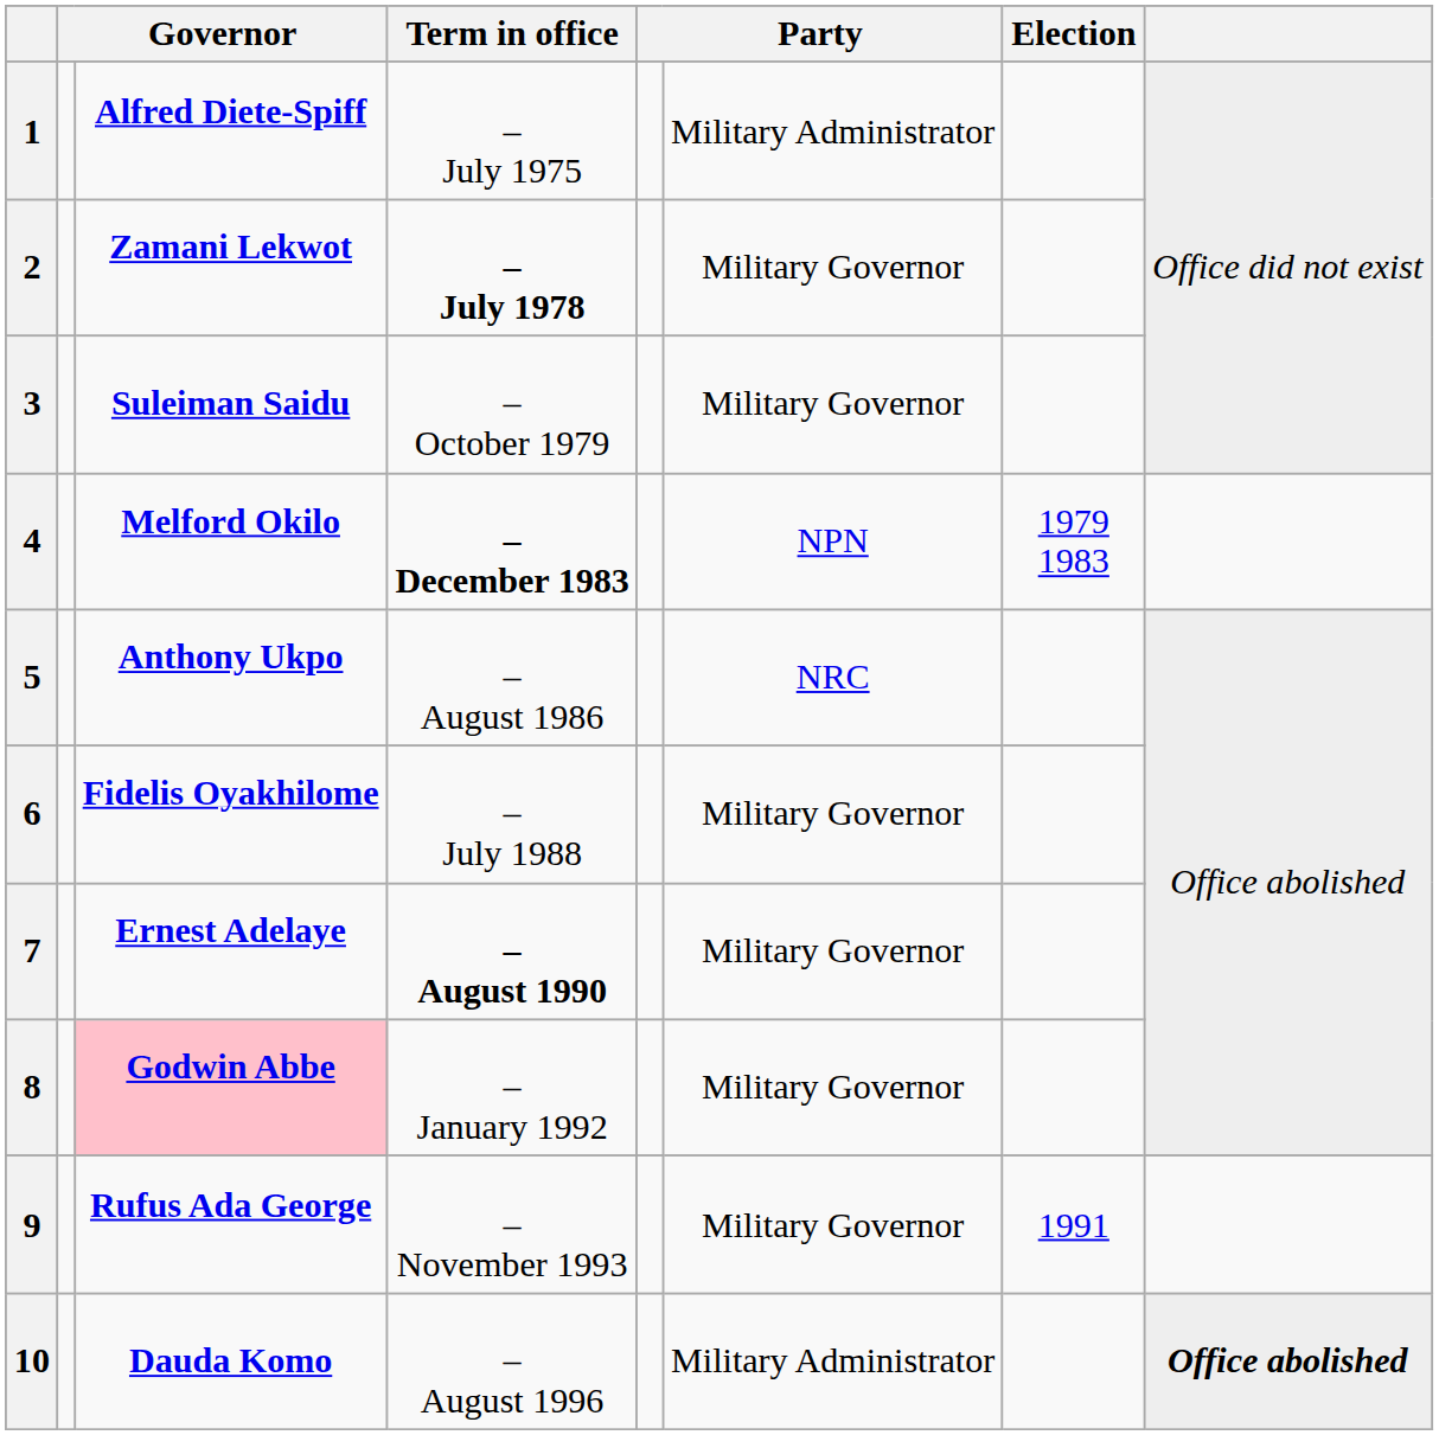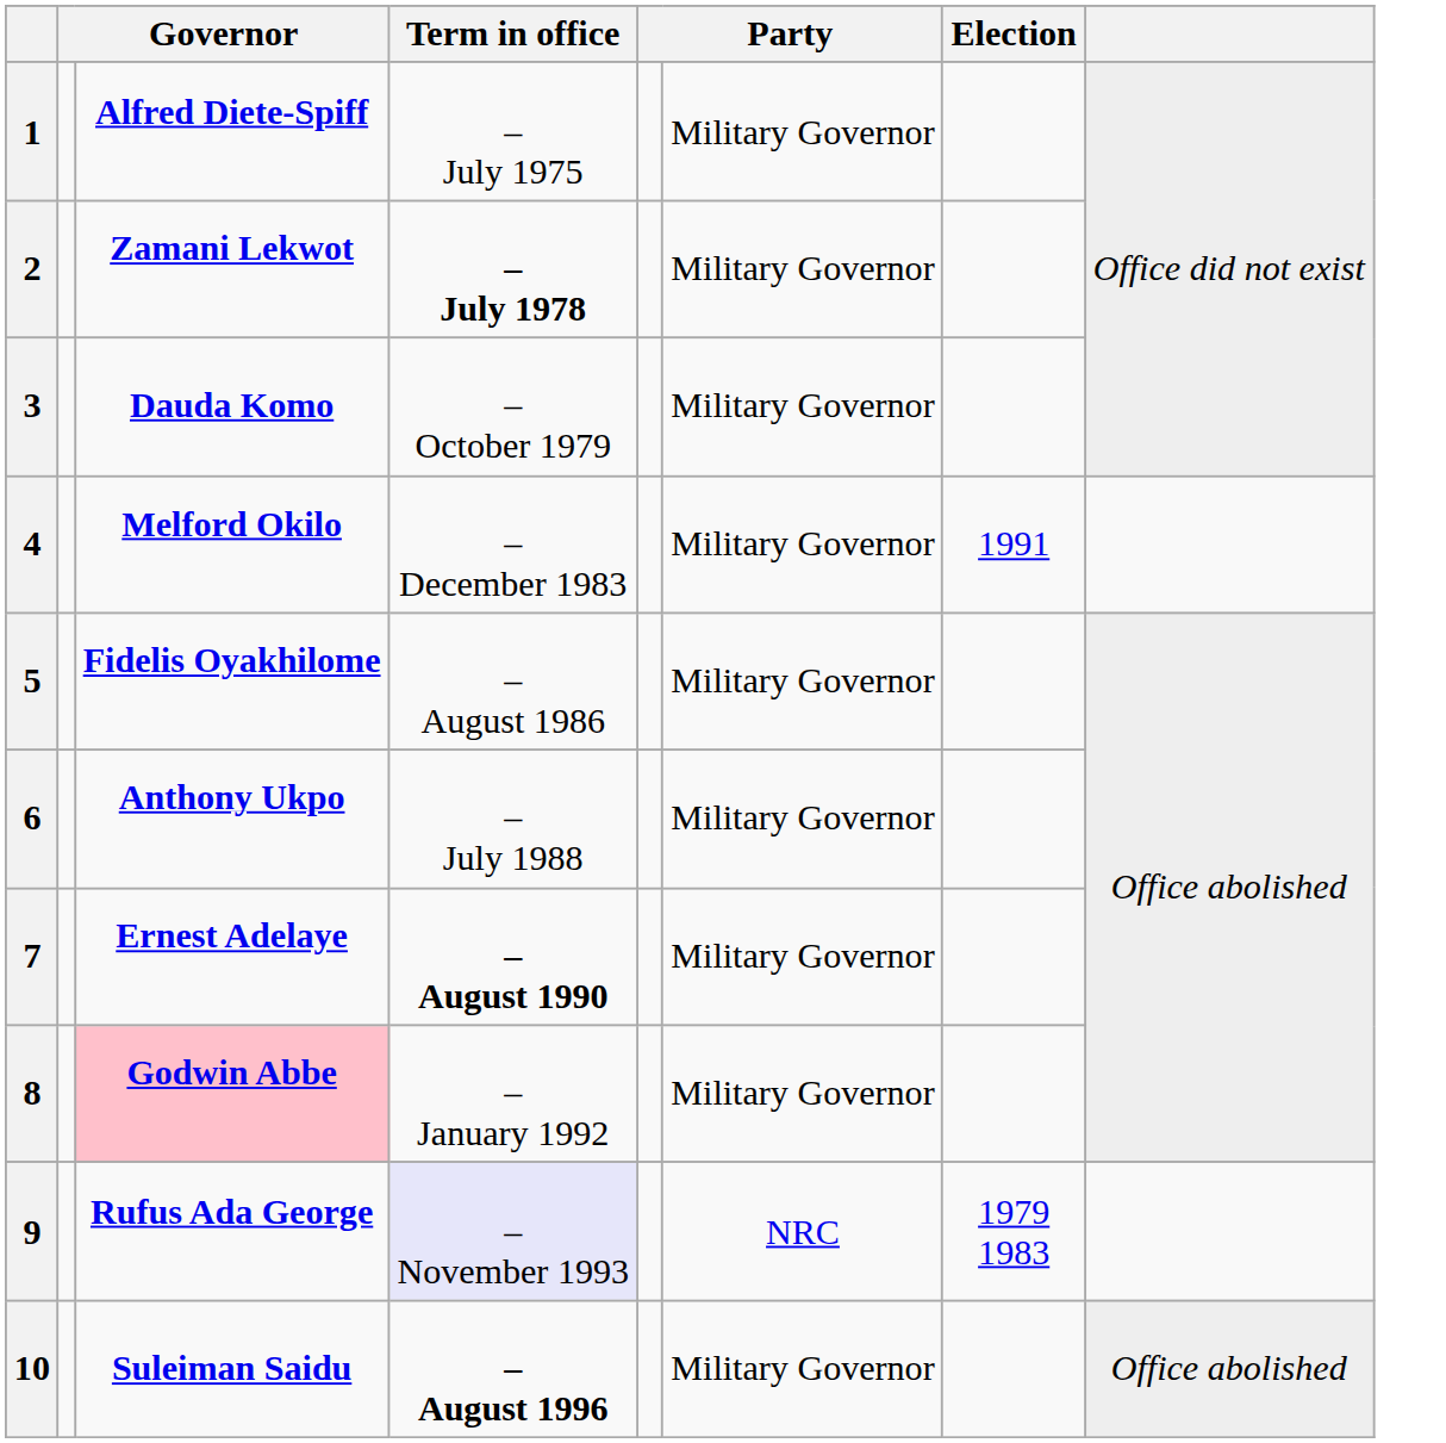 <table class="wikitable sortable" style="text-align:center;">
 <tr>
 <th scope="col" data-sort-type="number"></th>
 <th scope="colgroup" colspan="2">Governor</th>
 <th scope="col" class="unsortable">Term in office</th>
 <th scope="colgroup" colspan="2" class="unsortable">Party</th>
 <th scope="col" class="unsortable">Election</th>
 <th scope="col"></th>
 </tr>
 <tr>
 <th scope="row">1</th>
 <td data-sort-value="Diete-Spiff, Alfred"></td>
 <td><strong><a href='#'>Alfred Diete-Spiff</a></strong><br><br></td>
 <td><br>–<br>July 1975<br></td>
 <td></td>
-<td>Military Administrator</td>
+<td>Military Governor</td>
 <td></td>
 <td rowspan="3" style="background:#EEEEEE;"><em>Office did not exist</em></td>
 </tr>
 <tr>
 <th scope="row">2</th>
 <td data-sort-value="Lekwot, Zamani"></td>
 <td><strong><a href='#'>Zamani Lekwot</a></strong><br><br></td>
 <td><strong><br>–<br>July 1978<br></strong></td>
 <td></td>
 <td>Military Governor</td>
 <td></td>
 </tr>
 <tr>
 <th scope="row">3</th>
 <td data-sort-value="Saidu, Suleiman"></td>
-<td><strong><a href='#'>Suleiman Saidu</a></strong></td>
+<td><strong><a href='#'>Dauda Komo</a></strong></td>
 <td><br>–<br>October 1979<br></td>
 <td></td>
 <td>Military Governor</td>
 <td></td>
 </tr>
 <tr>
 <th scope="row">4</th>
 <td data-sort-value="Okilo, Melford"></td>
 <td><strong><a href='#'>Melford Okilo</a></strong><br><br></td>
-<td><strong><br>–<br>December 1983<br></strong></td>
+<td><br>–<br>December 1983<br></td>
 <td style="background:"> </td>
-<td><a href='#'>NPN</a><br></td>
-<td><a href='#'>1979</a><br><a href='#'>1983</a><br></td>
+<td>Military Governor</td>
+<td><a href='#'>1991</a><br></td>
 <td></td>
 </tr>
 <tr>
 <th scope="row">5</th>
 <td data-sort-value="Oyakhilome, Fidelis"></td>
-<td><strong><a href='#'>Anthony Ukpo</a></strong><br><br></td>
+<td><strong><a href='#'>Fidelis Oyakhilome</a></strong><br><br></td>
 <td><br>–<br>August 1986<br></td>
 <td></td>
-<td><a href='#'>NRC</a><br></td>
+<td>Military Governor</td>
 <td></td>
 <td rowspan="4" style="background:#EEEEEE;"><em>Office abolished</em></td>
 </tr>
 <tr>
 <th scope="row">6</th>
 <td data-sort-value="Ukpo, Anthony"></td>
-<td><strong><a href='#'>Fidelis Oyakhilome</a></strong><br><br></td>
+<td><strong><a href='#'>Anthony Ukpo</a></strong><br><br></td>
 <td><br>–<br>July 1988<br></td>
 <td></td>
 <td>Military Governor</td>
 <td></td>
 </tr>
 <tr>
 <th scope="row">7</th>
 <td data-sort-value="Adelaye, Ernest"></td>
 <td><strong><a href='#'>Ernest Adelaye</a></strong><br><br></td>
 <td><strong><br>–<br>August 1990<br></strong></td>
 <td></td>
 <td>Military Governor</td>
 <td></td>
 </tr>
 <tr>
 <th scope="row">8</th>
 <td data-sort-value="Abbe, Godwin"></td>
 <td style="background: pink;"><strong><a href='#'>Godwin Abbe</a></strong><br><br></td>
 <td><br>–<br>January 1992<br></td>
 <td></td>
 <td>Military Governor</td>
 <td></td>
 </tr>
 <tr>
 <th scope="row">9</th>
 <td data-sort-value="George, Rufus Ada"></td>
 <td><strong><a href='#'>Rufus Ada George</a></strong><br><br></td>
-<td><br>–<br>November 1993<br></td>
+<td style="background: lavender;"><br>–<br>November 1993<br></td>
 <td style="background:"> </td>
-<td>Military Governor</td>
-<td><a href='#'>1991</a><br></td>
+<td><a href='#'>NRC</a><br></td>
+<td><a href='#'>1979</a><br><a href='#'>1983</a><br></td>
 <td></td>
 </tr>
 <tr>
 <th scope="row">10</th>
 <td data-sort-value="Komo, Dauda"></td>
-<td><strong><a href='#'>Dauda Komo</a></strong></td>
-<td><br>–<br>August 1996<br></td>
+<td><strong><a href='#'>Suleiman Saidu</a></strong></td>
+<td><strong><br>–<br>August 1996<br></strong></td>
 <td></td>
-<td>Military Administrator</td>
+<td>Military Governor</td>
 <td></td>
-<td style="background:#EEEEEE;"><strong><em>Office abolished</em></strong></td>
+<td style="background:#EEEEEE;"><em>Office abolished</em></td>
 </tr>
 </table>
